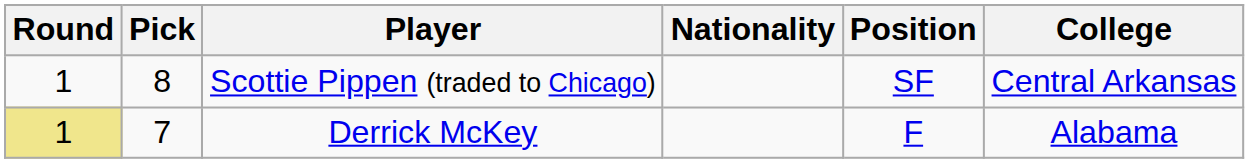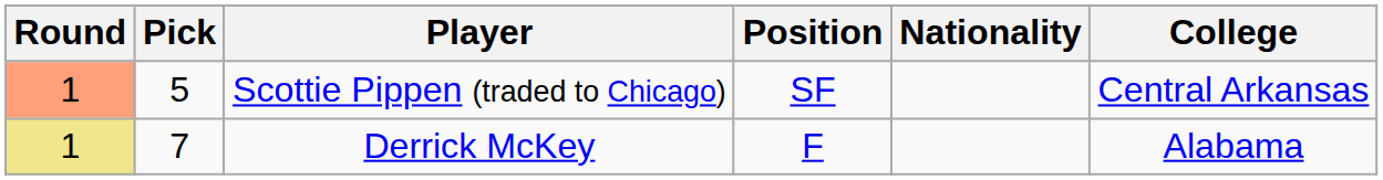 <table class="wikitable sortable sortable">
 <tr>
 <th>Round</th>
 <th>Pick</th>
 <th>Player</th>
+<th>Position</th>
 <th>Nationality</th>
-<th>Position</th>
 <th>College</th>
 </tr>
 <tr style="text-align: center">
-<td>1</td>
-<td>8</td>
+<td style="background: lightsalmon;">1</td>
+<td>5</td>
 <td><a href='#'>Scottie Pippen</a> <small>(traded to <a href='#'>Chicago</a>)</small></td>
+<td><a href='#'>SF</a></td>
 <td></td>
-<td><a href='#'>SF</a></td>
 <td><a href='#'>Central Arkansas</a></td>
 </tr>
 <tr style="text-align: center">
 <td style="background: khaki;">1</td>
 <td>7</td>
 <td><a href='#'>Derrick McKey</a></td>
+<td><a href='#'>F</a></td>
 <td></td>
-<td><a href='#'>F</a></td>
 <td><a href='#'>Alabama</a></td>
 </tr>
 </table>
